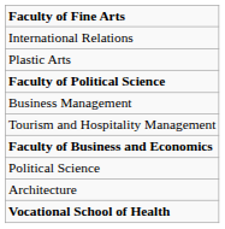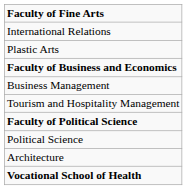 <table class="wikitable">
 <tr>
 <td><strong>Faculty of Fine Arts</strong></td>
 </tr>
 <tr>
 <td>International Relations</td>
 </tr>
 <tr>
 <td>Plastic Arts</td>
 </tr>
 <tr>
-<td><strong>Faculty of Political Science</strong></td>
+<td><strong>Faculty of Business and Economics</strong></td>
 </tr>
 <tr>
 <td>Business Management</td>
 </tr>
 <tr>
 <td>Tourism and Hospitality Management</td>
 </tr>
 <tr>
-<td><strong>Faculty of Business and Economics</strong></td>
+<td><strong>Faculty of Political Science</strong></td>
 </tr>
 <tr>
 <td>Political Science</td>
 </tr>
 <tr>
 <td>Architecture</td>
 </tr>
 <tr>
 <td><strong>Vocational School of Health</strong></td>
 </tr>
 </table>
